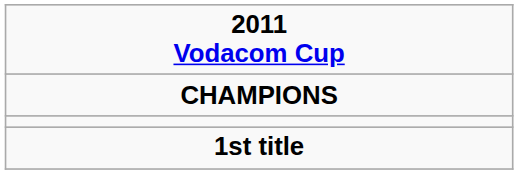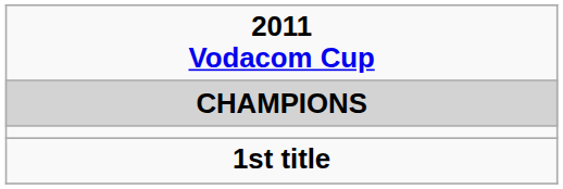 <table class="wikitable" style="text-align: center; margin: 0 auto; width: 20%">
 <tr>
 <td><strong>2011</strong> <br> <strong><a href='#'>Vodacom Cup</a></strong></td>
 </tr>
 <tr>
-<td><strong>CHAMPIONS</strong></td>
+<td style="background: lightgrey;"><strong>CHAMPIONS</strong></td>
 </tr>
 <tr>
 <td><strong></strong></td>
 </tr>
 <tr>
 <td><strong>1st title</strong></td>
 </tr>
 </table>
